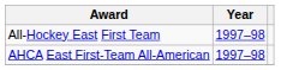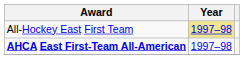 <table class="wikitable">
 <tr>
 <th>Award</th>
 <th>Year</th>
 <th></th>
 </tr>
 <tr>
 <td>All-<a href='#'>Hockey East</a> <a href='#'>First Team</a></td>
-<td><a href='#'>1997–98</a></td>
+<td style="background: khaki;"><a href='#'>1997–98</a></td>
 <td></td>
 </tr>
 <tr>
-<td><a href='#'>AHCA</a> <a href='#'>East First-Team All-American</a></td>
+<td><strong><a href='#'>AHCA</a> <a href='#'>East First-Team All-American</a></strong></td>
 <td><a href='#'>1997–98</a></td>
 <td></td>
 </tr>
 <tr>
 </tr>
 </table>
